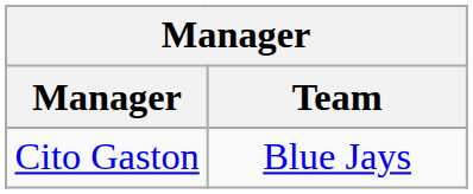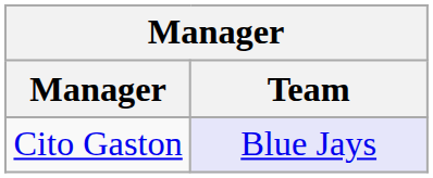 <table class="wikitable" style="font-size: 100%; text-align:center;">
 <tr>
 <th colspan="2">Manager</th>
 </tr>
 <tr>
 <th>Manager</th>
 <th width="100">Team</th>
 </tr>
 <tr>
 <td><a href='#'>Cito Gaston</a></td>
-<td><a href='#'>Blue Jays</a></td>
+<td style="background: lavender;"><a href='#'>Blue Jays</a></td>
 </tr>
 </table>
